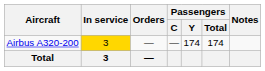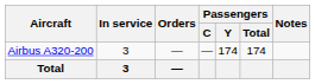 <table class="wikitable" style="border-collapse:collapse;text-align:center">
 <tr>
 <th rowspan="2">Aircraft</th>
 <th rowspan="2">In service</th>
 <th rowspan="2">Orders</th>
 <th colspan="3">Passengers</th>
 <th rowspan="2">Notes</th>
 </tr>
 <tr>
 <th><abbr>C</abbr></th>
 <th><abbr>Y</abbr></th>
 <th>Total</th>
 </tr>
 <tr>
 <td><a href='#'>Airbus A320-200</a></td>
-<td style="background: gold;">3</td>
+<td>3</td>
 <td>—</td>
 <td>—</td>
 <td>174</td>
 <td>174</td>
 <td></td>
 </tr>
 <tr>
 <th>Total</th>
 <th>3</th>
 <th>—</th>
 <th></th>
 <th></th>
 <th></th>
 <th></th>
 </tr>
 </table>
